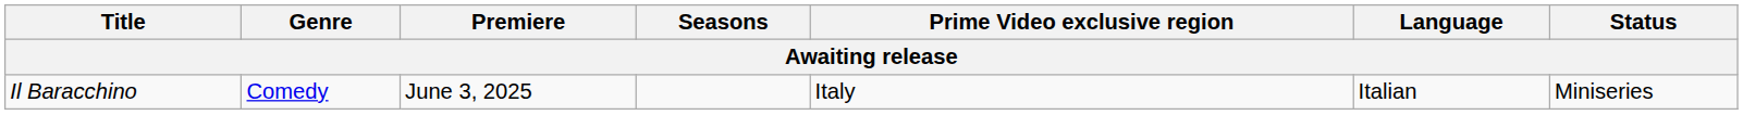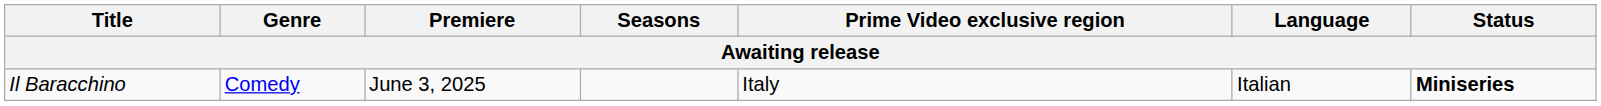 <table class="wikitable sortable" style="width:100%;">
 <tr>
 <th>Title</th>
 <th>Genre</th>
 <th>Premiere</th>
 <th>Seasons</th>
 <th>Prime Video exclusive region</th>
 <th>Language</th>
 <th>Status</th>
 </tr>
 <tr>
 <th colspan="7">Awaiting release</th>
 </tr>
 <tr>
 <td><em>Il Baracchino</em></td>
 <td><a href='#'>Comedy</a></td>
 <td>June 3, 2025</td>
 <td></td>
 <td>Italy</td>
 <td>Italian</td>
-<td>Miniseries</td>
+<td><strong>Miniseries</strong></td>
 </tr>
 </table>
